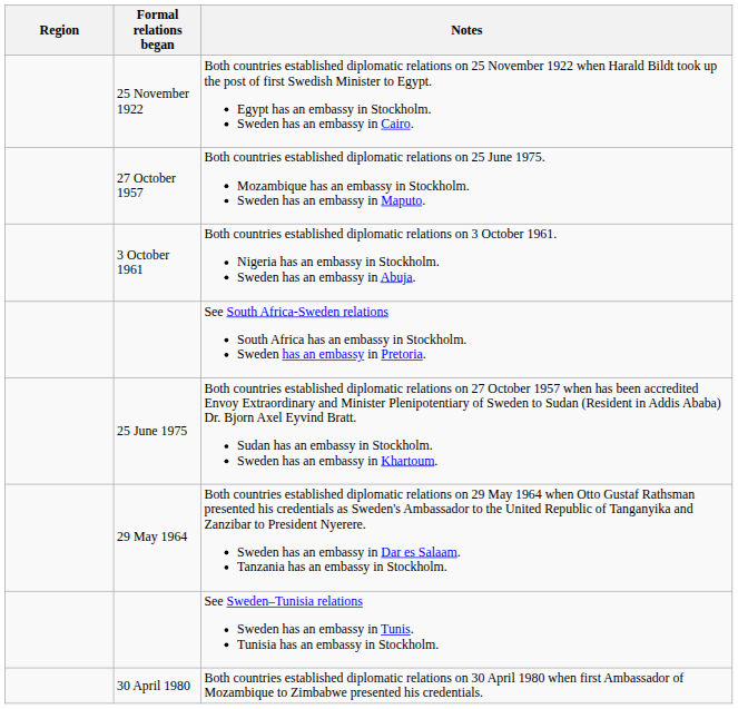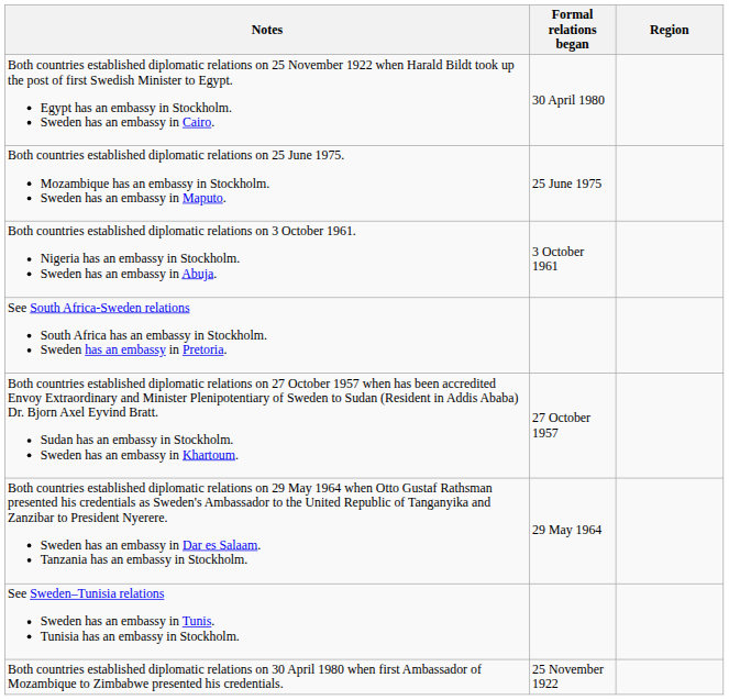 <table class="wikitable sortable" border="1" style="width:100%; margin:auto;">
 <tr>
+<th>Notes</th>
+<th width="12%">Formal relations began</th>
 <th width="15%">Region</th>
-<th width="12%">Formal relations began</th>
-<th>Notes</th>
 </tr>
 <tr -valign="top">
+<td>Both countries established diplomatic relations on 25 November 1922 when Harald Bildt took up the post of first Swedish Minister to Egypt.<br><ul><li>Egypt has an embassy in Stockholm.</li><li>Sweden has an embassy in <a href='#'>Cairo</a>.</li></ul></td>
+<td>30 April 1980</td>
 <td></td>
-<td>25 November 1922</td>
-<td>Both countries established diplomatic relations on 25 November 1922 when Harald Bildt took up the post of first Swedish Minister to Egypt.<br><ul><li>Egypt has an embassy in Stockholm.</li><li>Sweden has an embassy in <a href='#'>Cairo</a>.</li></ul></td>
 </tr>
 <tr -valign="top">
+<td>Both countries established diplomatic relations on 25 June 1975.<br><ul><li>Mozambique has an embassy in Stockholm.</li><li>Sweden has an embassy in <a href='#'>Maputo</a>.</li></ul></td>
+<td>25 June 1975</td>
 <td></td>
-<td>27 October 1957</td>
-<td>Both countries established diplomatic relations on 25 June 1975.<br><ul><li>Mozambique has an embassy in Stockholm.</li><li>Sweden has an embassy in <a href='#'>Maputo</a>.</li></ul></td>
 </tr>
 <tr -valign="top">
+<td>Both countries established diplomatic relations on 3 October 1961.<br><ul><li>Nigeria has an embassy in Stockholm.</li><li>Sweden has an embassy in <a href='#'>Abuja</a>.</li></ul></td>
+<td>3 October 1961</td>
 <td></td>
-<td>3 October 1961</td>
-<td>Both countries established diplomatic relations on 3 October 1961.<br><ul><li>Nigeria has an embassy in Stockholm.</li><li>Sweden has an embassy in <a href='#'>Abuja</a>.</li></ul></td>
 </tr>
 <tr -valign="top">
+<td>See <a href='#'>South Africa-Sweden relations</a><br><ul><li>South Africa has an embassy in Stockholm.</li><li>Sweden <a href='#'>has an embassy</a> in <a href='#'>Pretoria</a>.</li></ul></td>
 <td></td>
 <td></td>
-<td>See <a href='#'>South Africa-Sweden relations</a><br><ul><li>South Africa has an embassy in Stockholm.</li><li>Sweden <a href='#'>has an embassy</a> in <a href='#'>Pretoria</a>.</li></ul></td>
 </tr>
 <tr -valign="top">
+<td>Both countries established diplomatic relations on 27 October 1957 when has been accredited Envoy Extraordinary and Minister Plenipotentiary of Sweden to Sudan (Resident in Addis Ababa) Dr. Bjorn Axel Eyvind Bratt.<br><ul><li>Sudan has an embassy in Stockholm.</li><li>Sweden has an embassy in <a href='#'>Khartoum</a>.</li></ul></td>
+<td>27 October 1957</td>
 <td></td>
-<td>25 June 1975</td>
-<td>Both countries established diplomatic relations on 27 October 1957 when has been accredited Envoy Extraordinary and Minister Plenipotentiary of Sweden to Sudan (Resident in Addis Ababa) Dr. Bjorn Axel Eyvind Bratt.<br><ul><li>Sudan has an embassy in Stockholm.</li><li>Sweden has an embassy in <a href='#'>Khartoum</a>.</li></ul></td>
 </tr>
 <tr -valign="top">
+<td>Both countries established diplomatic relations on 29 May 1964 when Otto Gustaf Rathsman presented his credentials as Sweden's Ambassador to the United Republic of Tanganyika and Zanzibar to President Nyerere.<br><ul><li>Sweden has an embassy in <a href='#'>Dar es Salaam</a>.</li><li>Tanzania has an embassy in Stockholm.</li></ul></td>
+<td>29 May 1964</td>
 <td></td>
-<td>29 May 1964</td>
-<td>Both countries established diplomatic relations on 29 May 1964 when Otto Gustaf Rathsman presented his credentials as Sweden's Ambassador to the United Republic of Tanganyika and Zanzibar to President Nyerere.<br><ul><li>Sweden has an embassy in <a href='#'>Dar es Salaam</a>.</li><li>Tanzania has an embassy in Stockholm.</li></ul></td>
 </tr>
 <tr -valign="top">
+<td>See <a href='#'>Sweden–Tunisia relations</a><br><ul><li>Sweden has an embassy in <a href='#'>Tunis</a>.</li><li>Tunisia has an embassy in Stockholm.</li></ul></td>
 <td></td>
 <td></td>
-<td>See <a href='#'>Sweden–Tunisia relations</a><br><ul><li>Sweden has an embassy in <a href='#'>Tunis</a>.</li><li>Tunisia has an embassy in Stockholm.</li></ul></td>
 </tr>
 <tr>
+<td>Both countries established diplomatic relations on 30 April 1980 when first Ambassador of Mozambique to Zimbabwe presented his credentials.</td>
+<td>25 November 1922</td>
 <td></td>
-<td>30 April 1980</td>
-<td>Both countries established diplomatic relations on 30 April 1980 when first Ambassador of Mozambique to Zimbabwe presented his credentials.</td>
 </tr>
 </table>
